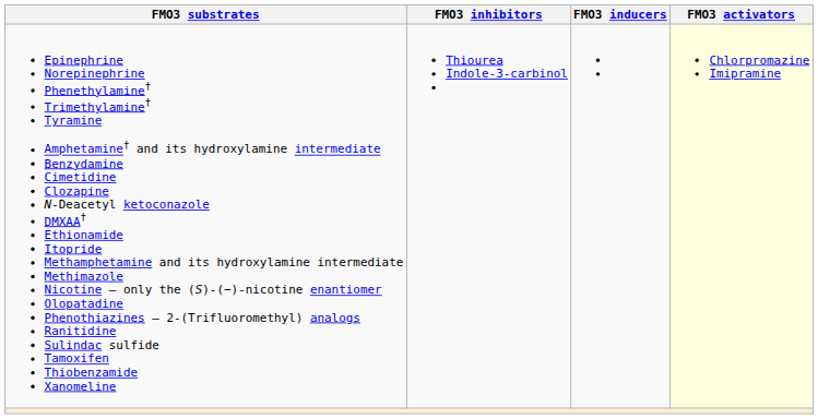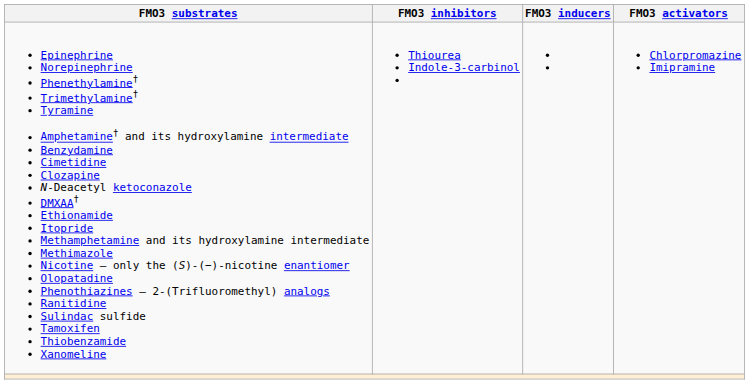 <table class="wikitable">
 <tr>
 <th>FMO3 <a href='#'>substrates</a></th>
 <th>FMO3 <a href='#'>inhibitors</a></th>
 <th>FMO3 <a href='#'>inducers</a></th>
 <th>FMO3 <a href='#'>activators</a></th>
 </tr>
 <tr style="vertical-align: top;">
 <td><br><ul><li><a href='#'>Epinephrine</a></li><li><a href='#'>Norepinephrine</a></li><li><a href='#'>Phenethylamine</a><sup>†</sup></li><li><a href='#'>Trimethylamine</a><sup>†</sup></li><li><a href='#'>Tyramine</a></li></ul><ul><li><a href='#'>Amphetamine</a><sup>†</sup> and its hydroxylamine <a href='#'>intermediate</a></li><li><a href='#'>Benzydamine</a></li><li><a href='#'>Cimetidine</a></li><li><a href='#'>Clozapine</a></li><li><em>N</em>-Deacetyl <a href='#'>ketoconazole</a></li><li><a href='#'>DMXAA</a><sup>†</sup></li><li><a href='#'>Ethionamide</a></li><li><a href='#'>Itopride</a></li><li><a href='#'>Methamphetamine</a> and its hydroxylamine intermediate</li><li><a href='#'>Methimazole</a></li><li><a href='#'>Nicotine</a> – only the (<em>S</em>)-(−)-nicotine <a href='#'>enantiomer</a></li><li><a href='#'>Olopatadine</a></li><li><a href='#'>Phenothiazines</a> – 2-(Trifluoromethyl) <a href='#'>analogs</a></li><li><a href='#'>Ranitidine</a></li><li><a href='#'>Sulindac</a> sulfide</li><li><a href='#'>Tamoxifen</a></li><li><a href='#'>Thiobenzamide</a></li><li><a href='#'>Xanomeline</a></li></ul></td>
 <td><br><ul><li><a href='#'>Thiourea</a></li><li><a href='#'>Indole-3-carbinol</a></li><li></li></ul></td>
 <td><br><ul><li></li><li></li></ul></td>
-<td style="background: lightyellow;"><br><ul><li><a href='#'>Chlorpromazine</a></li><li><a href='#'>Imipramine</a></li></ul></td>
+<td><br><ul><li><a href='#'>Chlorpromazine</a></li><li><a href='#'>Imipramine</a></li></ul></td>
 </tr>
 <tr>
 <th scope="col" colspan="4" style="text-align:center; background:papayawhip"><small></small></th>
 </tr>
 </table>
